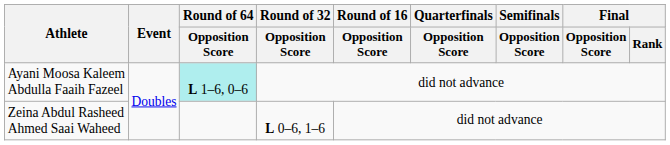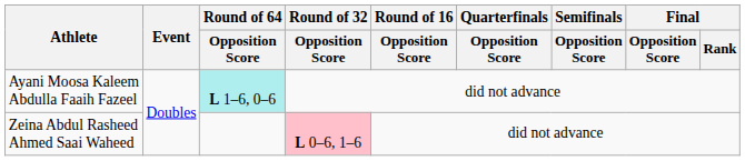 <table class=wikitable style="font-size:90%; text-align:center;">
 <tr>
 <th rowspan="2">Athlete</th>
 <th rowspan="2">Event</th>
 <th>Round of 64</th>
 <th>Round of 32</th>
 <th>Round of 16</th>
 <th>Quarterfinals</th>
 <th>Semifinals</th>
 <th colspan=2>Final</th>
 </tr>
 <tr style="font-size:95%">
 <th>Opposition<br>Score</th>
 <th>Opposition<br>Score</th>
 <th>Opposition<br>Score</th>
 <th>Opposition<br>Score</th>
 <th>Opposition<br>Score</th>
 <th>Opposition<br>Score</th>
 <th>Rank</th>
 </tr>
 <tr>
 <td align=left>Ayani Moosa Kaleem<br>Abdulla Faaih Fazeel</td>
 <td align=left rowspan=2><a href='#'>Doubles</a></td>
 <td style="background: paleturquoise;"><br><strong>L</strong> 1–6, 0–6</td>
 <td colspan=6>did not advance</td>
 </tr>
 <tr>
 <td align=left>Zeina Abdul Rasheed<br>Ahmed Saai Waheed</td>
 <td></td>
-<td><br><strong>L</strong> 0–6, 1–6</td>
+<td style="background: pink;"><br><strong>L</strong> 0–6, 1–6</td>
 <td colspan=5>did not advance</td>
 </tr>
 </table>
